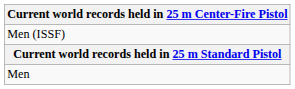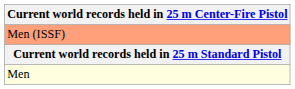 <table class="wikitable" style="font-size: 95%">
 <tr>
 <th colspan=9>Current world records held in <a href='#'>25 m Center-Fire Pistol</a></th>
 </tr>
 <tr>
-<td>Men (ISSF)<br></td>
+<td style="background: lightsalmon;">Men (ISSF)<br></td>
 </tr>
 <tr>
 <th colspan=9>Current world records held in <a href='#'>25 m Standard Pistol</a></th>
 </tr>
 <tr>
-<td>Men<br></td>
+<td style="background: lightyellow;">Men<br></td>
 </tr>
 </table>
